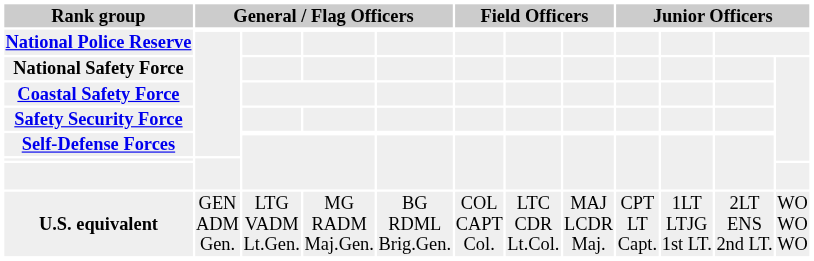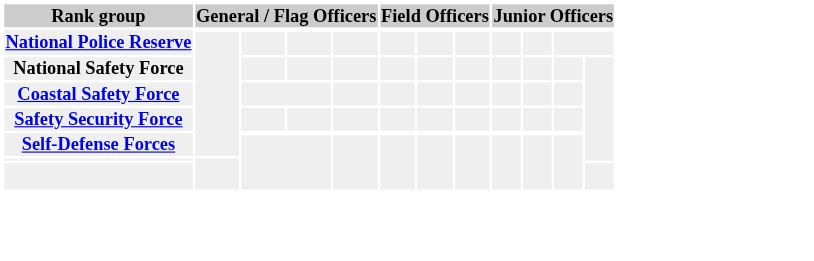 <table style="border=1px solid #8888aa; background-color:f7f8ff; padding:5px font-size:95%; margin: 0px 12px 12px 0px">
 <tr style="background:#ccc;">
 <th>Rank group</th>
 <th colspan=4>General / Flag  Officers</th>
 <th colspan=3>Field Officers</th>
 <th colspan=4>Junior Officers</th>
 </tr>
 <tr style="text-align:center; background:#efefef;">
 <th rowspan=2><a href='#'>National Police Reserve</a><br></th>
 </tr>
 <tr style="text-align:center; background:#efefef;">
 <td rowspan=6></td>
 <td><br></td>
 <td><br></td>
 <td><br></td>
 <td><br></td>
 <td><br></td>
 <td><br></td>
 <td><br></td>
 <td><br></td>
 <td colspan=2></td>
 </tr>
 <tr style="text-align:center; background:#efefef;">
 <th>National Safety Force<br></th>
 <td><br></td>
 <td><br></td>
 <td><br></td>
 <td><br></td>
 <td><br></td>
 <td><br></td>
 <td><br></td>
 <td><br></td>
 <td><br></td>
 <td rowspan=6></td>
 </tr>
 <tr style="text-align:center; background:#efefef;">
 <th><a href='#'>Coastal Safety Force</a><br></th>
 <td colspan=2><br></td>
 <td><br></td>
 <td><br></td>
 <td><br></td>
 <td><br></td>
 <td><br></td>
 <td><br></td>
 <td><br></td>
 </tr>
 <tr style="text-align:center; background:#efefef;">
 <th><a href='#'>Safety Security Force</a><br></th>
 <td><br></td>
 <td><br></td>
 <td><br></td>
 <td><br></td>
 <td><br></td>
 <td><br></td>
 <td><br></td>
 <td><br></td>
 <td><br></td>
 </tr>
 <tr style="text-align:center; background:#efefef;">
 <th rowspan=2><a href='#'>Self-Defense Forces</a><br></th>
 </tr>
 <tr style="text-align:center; background:#efefef;">
 <td colspan=2 rowspan=3><br></td>
 <td rowspan=3><br></td>
 <td rowspan=3><br></td>
 <td rowspan=3><br></td>
 <td rowspan=3><br></td>
 <td rowspan=3><br></td>
 <td rowspan=3><br></td>
 <td rowspan=3><br></td>
 </tr>
 <tr style="text-align:center; background:#efefef;">
 <th></th>
 <td rowspan=2><br></td>
 </tr>
 <tr style="text-align:center; background:#efefef;">
 <th>　</th>
 <td><br></td>
 </tr>
-<tr style="text-align:center; background:#efefef;">
-<th>U.S. equivalent</th>
-<td>GEN<br>ADM<br>Gen.</td>
-<td>LTG<br>VADM<br>Lt.Gen.</td>
-<td>MG<br>RADM<br>Maj.Gen.</td>
-<td>BG<br>RDML<br>Brig.Gen.</td>
-<td>COL<br>CAPT<br>Col.</td>
-<td>LTC<br>CDR<br>Lt.Col.</td>
-<td>MAJ<br>LCDR<br>Maj.</td>
-<td>CPT<br>LT<br>Capt.</td>
-<td>1LT<br>LTJG<br>1st LT.</td>
-<td>2LT<br>ENS<br>2nd LT.</td>
-<td>WO<br>WO<br>WO</td>
-</tr>
 </table>
